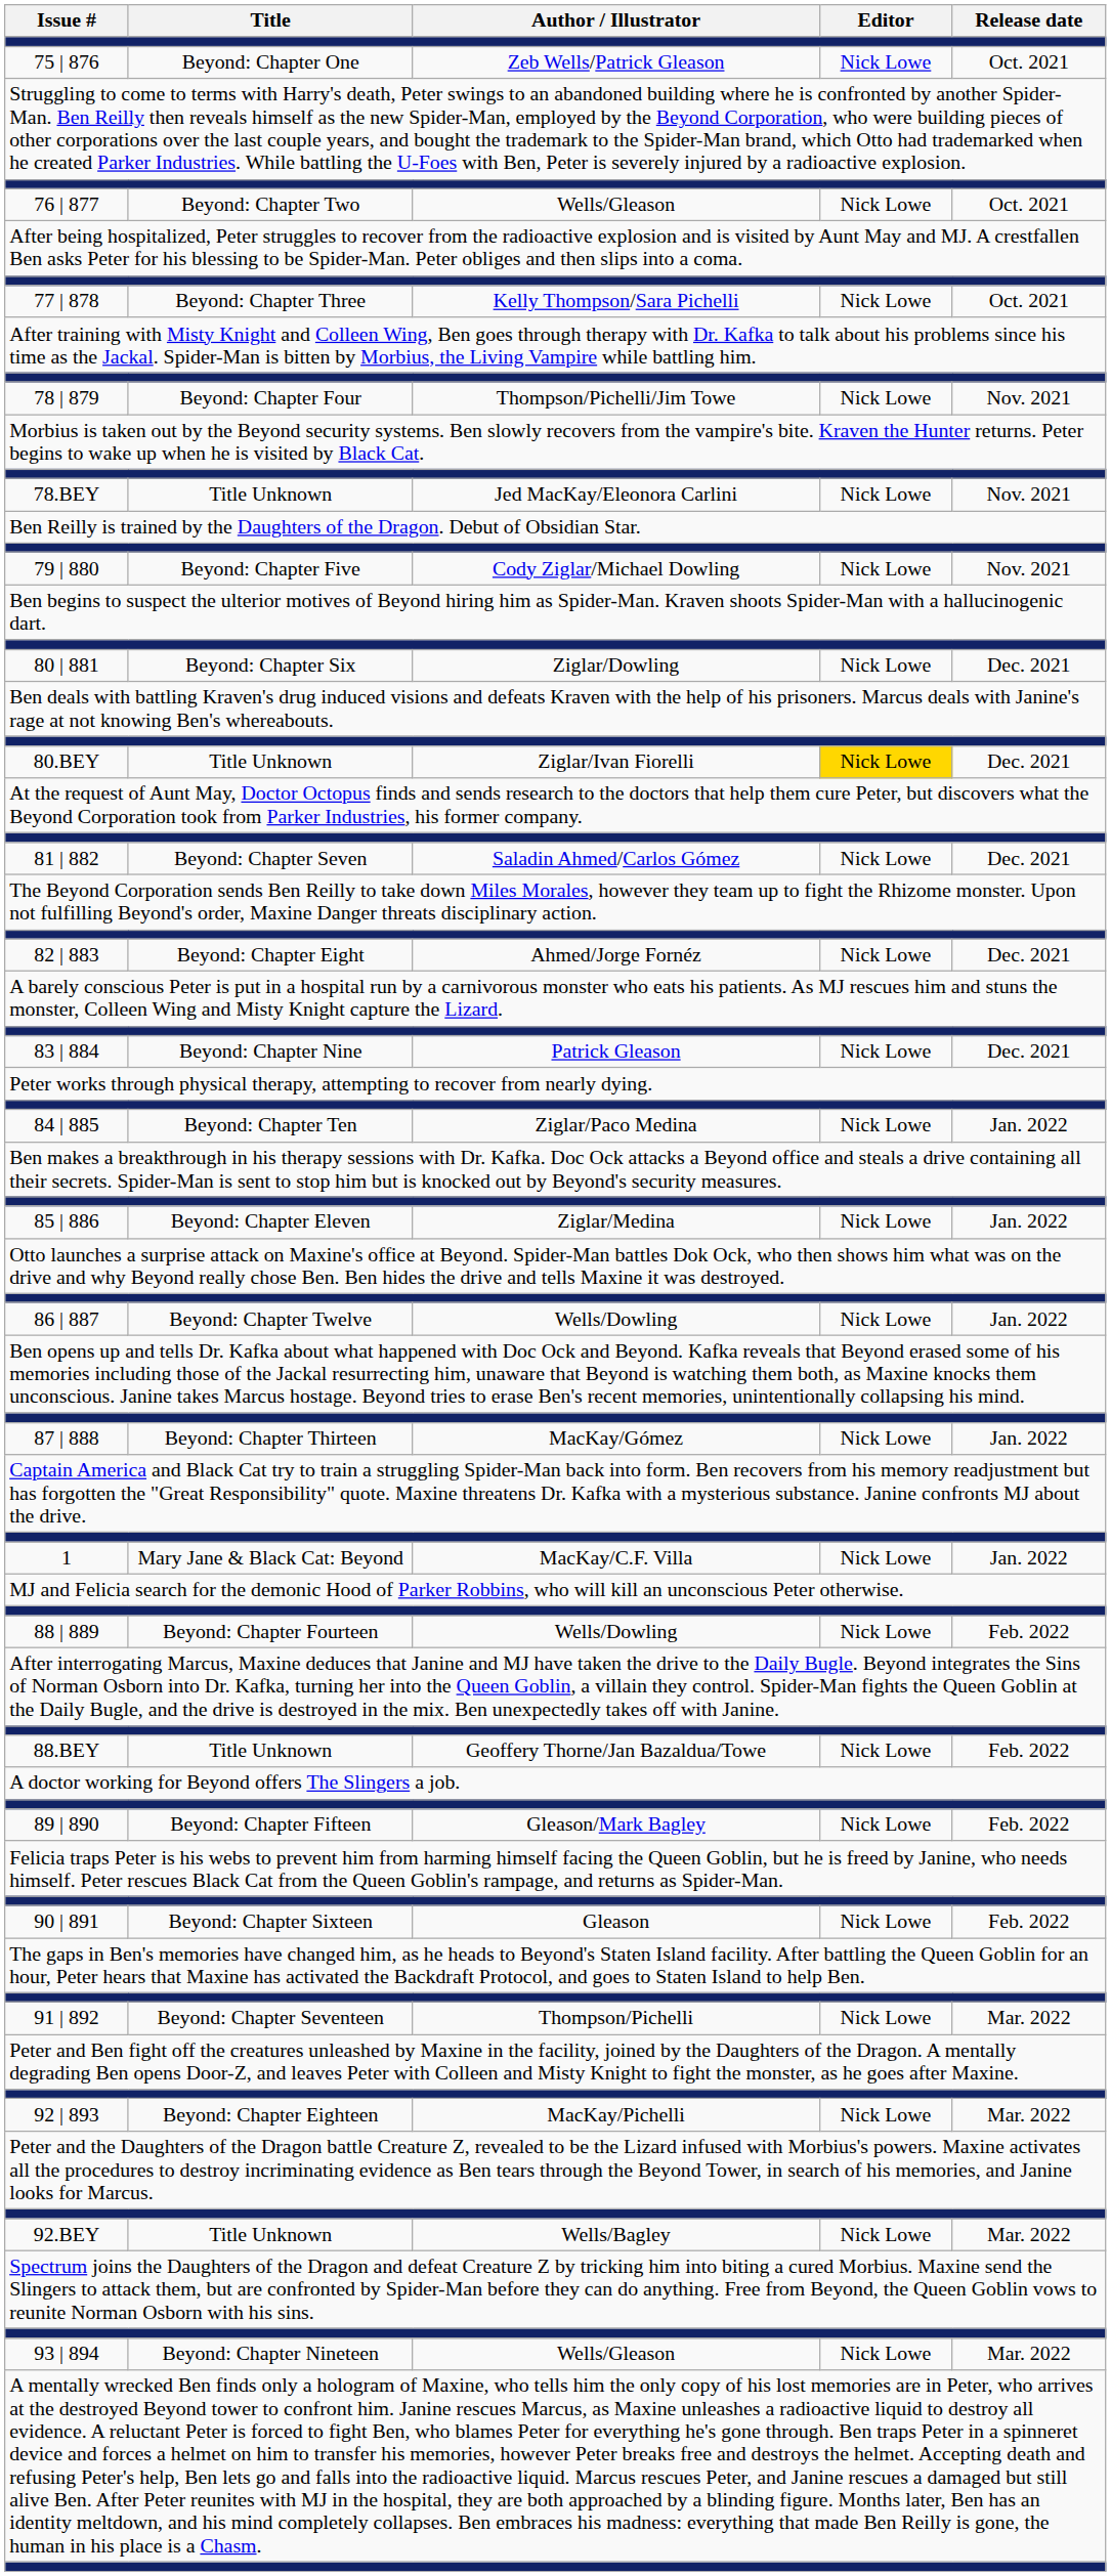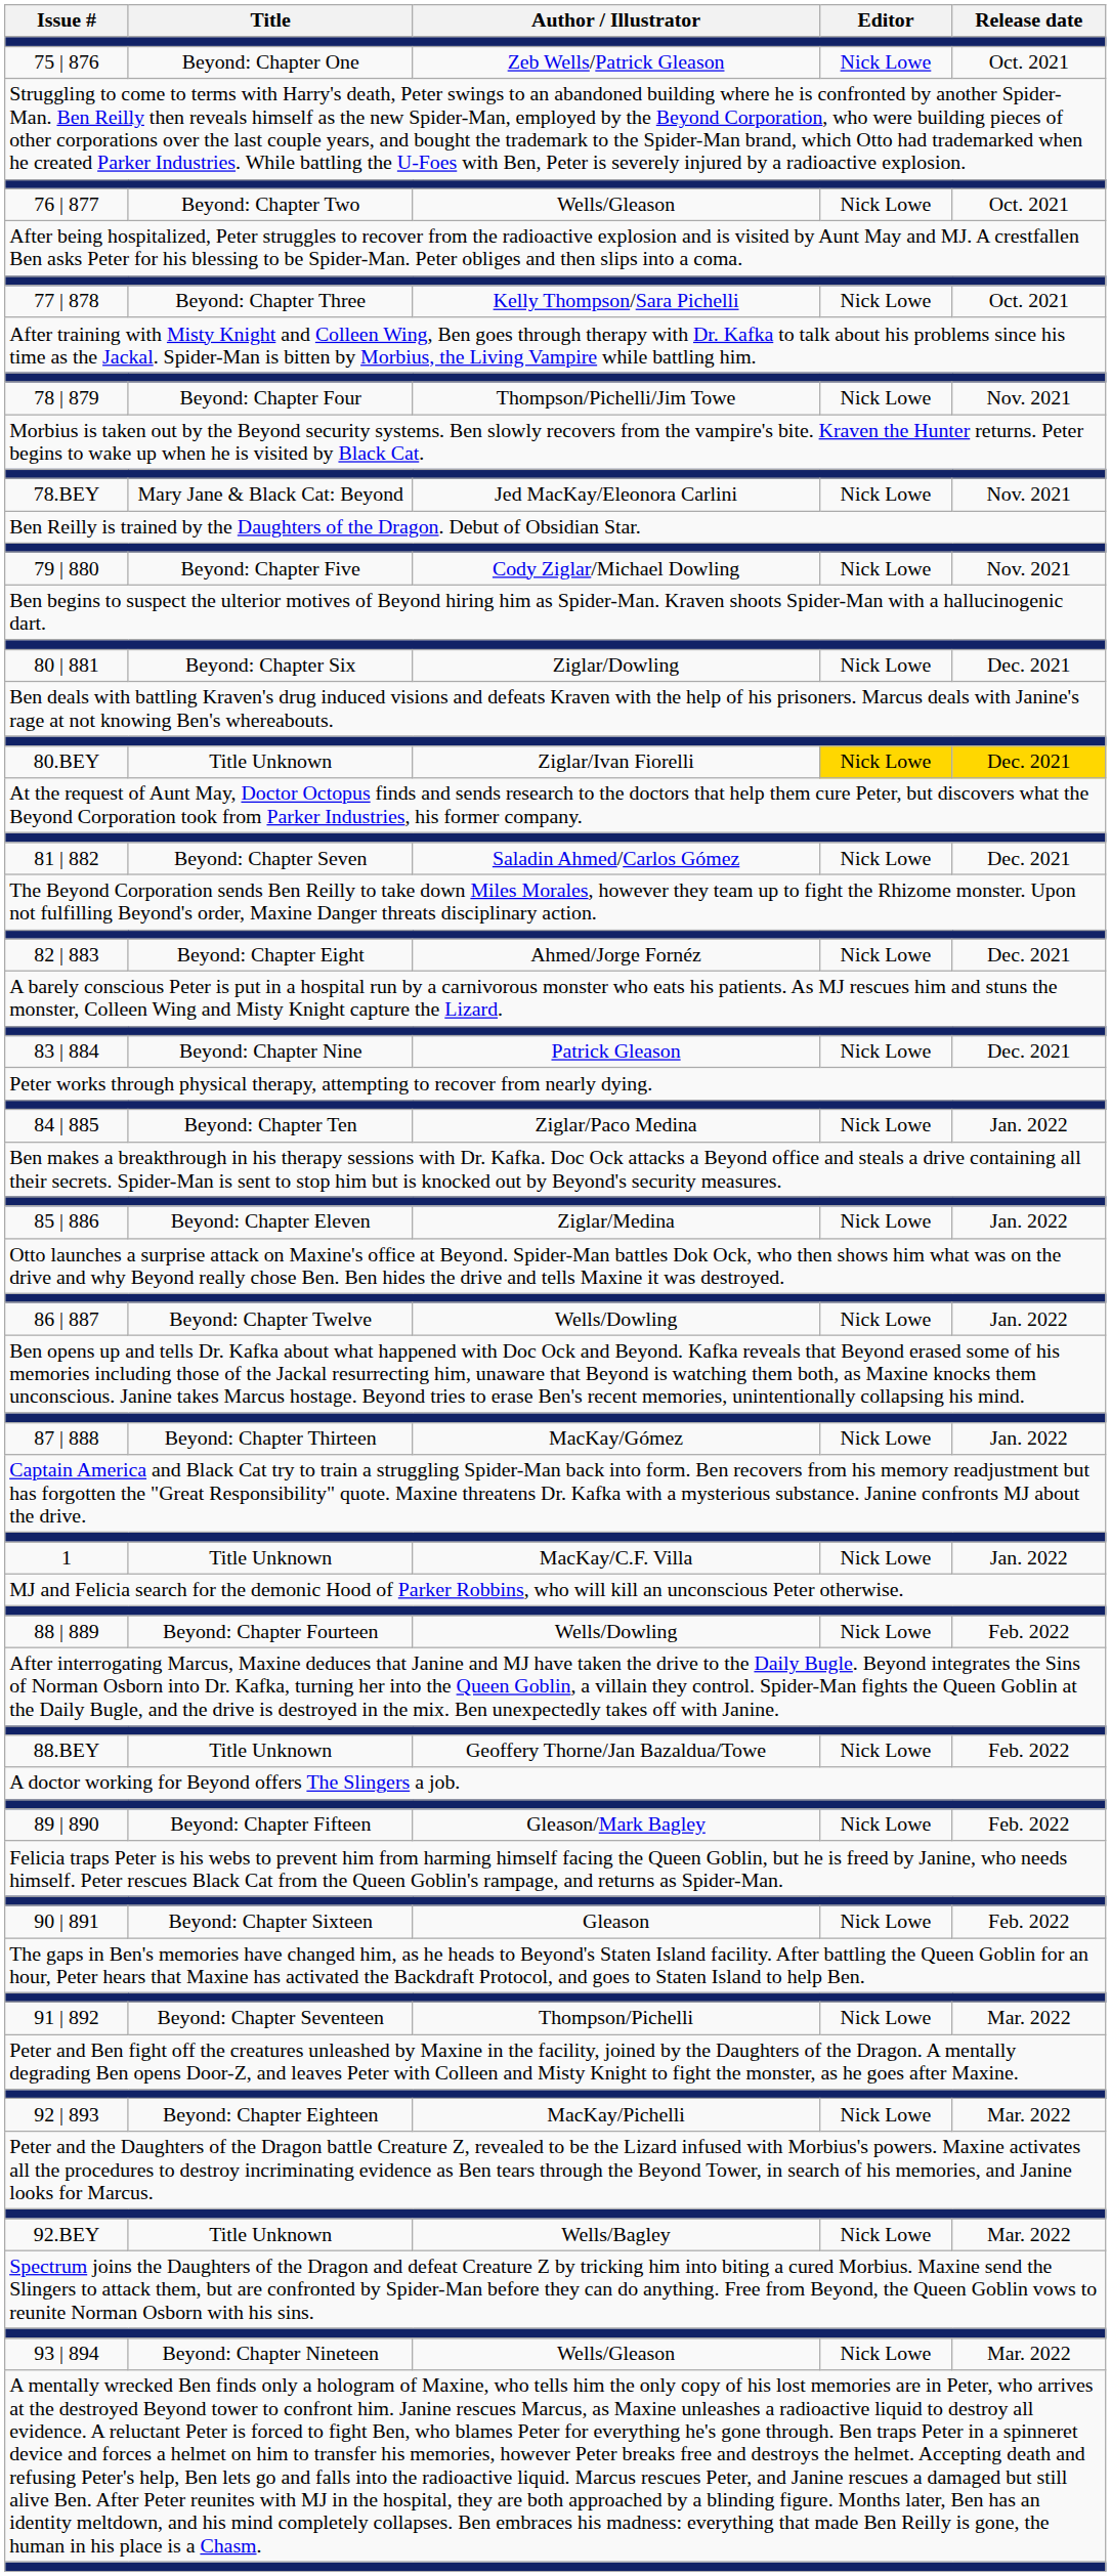 <table class="wikitable">
 <tr>
 <th>Issue #</th>
 <th>Title</th>
 <th>Author / Illustrator</th>
 <th>Editor</th>
 <th>Release date</th>
 </tr>
 <tr>
 <td colspan="6" bgcolor="#112266"></td>
 </tr>
 <tr>
 <td align="center">75  |  876</td>
 <td align="center">Beyond: Chapter One</td>
 <td align="center"><a href='#'>Zeb Wells</a>/<a href='#'>Patrick Gleason</a></td>
 <td align="center"><a href='#'>Nick Lowe</a></td>
 <td align="center">Oct. 2021</td>
 </tr>
 <tr>
 <td colspan="6">Struggling to come to terms with Harry's death, Peter swings to an abandoned building where he is confronted by another Spider-Man. <a href='#'>Ben Reilly</a> then reveals himself as the new Spider-Man, employed by the <a href='#'>Beyond Corporation</a>, who were building pieces of other corporations over the last couple years, and bought the trademark to the Spider-Man brand, which Otto had trademarked when he created <a href='#'>Parker Industries</a>. While battling the <a href='#'>U-Foes</a> with Ben, Peter is severely injured by a radioactive explosion.</td>
 </tr>
 <tr>
 <td colspan="6" bgcolor="#112266"></td>
 </tr>
 <tr>
 <td align="center">76  |  877</td>
 <td align="center">Beyond: Chapter Two</td>
 <td align="center">Wells/Gleason</td>
 <td align="center">Nick Lowe</td>
 <td align="center">Oct. 2021</td>
 </tr>
 <tr>
 <td colspan="6">After being hospitalized, Peter struggles to recover from the radioactive explosion and is visited by Aunt May and MJ. A crestfallen Ben asks Peter for his blessing to be Spider-Man. Peter obliges and then slips into a coma.</td>
 </tr>
 <tr>
 <td colspan="6" bgcolor="#112266"></td>
 </tr>
 <tr>
 <td align="center">77  |  878</td>
 <td align="center">Beyond: Chapter Three</td>
 <td align="center"><a href='#'>Kelly Thompson</a>/<a href='#'>Sara Pichelli</a></td>
 <td align="center">Nick Lowe</td>
 <td align="center">Oct. 2021</td>
 </tr>
 <tr>
 <td colspan="6">After training with <a href='#'>Misty Knight</a> and <a href='#'>Colleen Wing</a>, Ben goes through therapy with <a href='#'>Dr. Kafka</a> to talk about his problems since his time as the <a href='#'>Jackal</a>. Spider-Man is bitten by <a href='#'>Morbius, the Living Vampire</a> while battling him.</td>
 </tr>
 <tr>
 <td colspan="6" bgcolor="#112266"></td>
 </tr>
 <tr>
 <td align="center">78  |  879</td>
 <td align="center">Beyond: Chapter Four</td>
 <td align="center">Thompson/Pichelli/Jim Towe</td>
 <td align="center">Nick Lowe</td>
 <td align="center">Nov. 2021</td>
 </tr>
 <tr>
 <td colspan="6">Morbius is taken out by the Beyond security systems. Ben slowly recovers from the vampire's bite. <a href='#'>Kraven the Hunter</a> returns. Peter begins to wake up when he is visited by <a href='#'>Black Cat</a>.</td>
 </tr>
 <tr>
 <td colspan="6" bgcolor="#112266"></td>
 </tr>
 <tr>
 <td align="center">78.BEY</td>
-<td align="center">Title Unknown</td>
+<td align="center">Mary Jane & Black Cat: Beyond</td>
 <td align="center">Jed MacKay/Eleonora Carlini</td>
 <td align="center">Nick Lowe</td>
 <td align="center">Nov. 2021</td>
 </tr>
 <tr>
 <td colspan="6">Ben Reilly is trained by the <a href='#'>Daughters of the Dragon</a>. Debut of Obsidian Star.</td>
 </tr>
 <tr>
 <td colspan="6" bgcolor="#112266"></td>
 </tr>
 <tr>
 <td align="center">79  |  880</td>
 <td align="center">Beyond: Chapter Five</td>
 <td align="center"><a href='#'>Cody Ziglar</a>/Michael Dowling</td>
 <td align="center">Nick Lowe</td>
 <td align="center">Nov. 2021</td>
 </tr>
 <tr>
 <td colspan="6">Ben begins to suspect the ulterior motives of Beyond hiring him as Spider-Man. Kraven shoots Spider-Man with a hallucinogenic dart.</td>
 </tr>
 <tr>
 <td colspan="6" bgcolor="#112266"></td>
 </tr>
 <tr>
 <td align="center">80  |  881</td>
 <td align="center">Beyond: Chapter Six</td>
 <td align="center">Ziglar/Dowling</td>
 <td align="center">Nick Lowe</td>
 <td align="center">Dec. 2021</td>
 </tr>
 <tr>
 <td colspan="6">Ben deals with battling Kraven's drug induced visions and defeats Kraven with the help of his prisoners. Marcus deals with Janine's rage at not knowing Ben's whereabouts.</td>
 </tr>
 <tr>
 <td colspan="6" bgcolor="#112266"></td>
 </tr>
 <tr>
 <td align="center">80.BEY</td>
 <td align="center">Title Unknown</td>
 <td align="center">Ziglar/Ivan Fiorelli</td>
 <td align="center" style="background: gold;">Nick Lowe</td>
-<td align="center">Dec. 2021</td>
+<td align="center" style="background: gold;">Dec. 2021</td>
 </tr>
 <tr>
 <td colspan="6">At the request of Aunt May, <a href='#'>Doctor Octopus</a> finds and sends research to the doctors that help them cure Peter, but discovers what the Beyond Corporation took from <a href='#'>Parker Industries</a>, his former company.</td>
 </tr>
 <tr>
 <td colspan="6" bgcolor="#112266"></td>
 </tr>
 <tr>
 <td align="center">81  |  882</td>
 <td align="center">Beyond: Chapter Seven</td>
 <td align="center"><a href='#'>Saladin Ahmed</a>/<a href='#'>Carlos Gómez</a></td>
 <td align="center">Nick Lowe</td>
 <td align="center">Dec. 2021</td>
 </tr>
 <tr>
 <td colspan="6">The Beyond Corporation sends Ben Reilly to take down <a href='#'>Miles Morales</a>, however they team up to fight the Rhizome monster. Upon not fulfilling Beyond's order, Maxine Danger threats disciplinary action.</td>
 </tr>
 <tr>
 <td colspan="6" bgcolor="#112266"></td>
 </tr>
 <tr>
 <td align="center">82  |  883</td>
 <td align="center">Beyond: Chapter Eight</td>
 <td align="center">Ahmed/Jorge Fornéz</td>
 <td align="center">Nick Lowe</td>
 <td align="center">Dec. 2021</td>
 </tr>
 <tr>
 <td colspan="6">A barely conscious Peter is put in a hospital run by a carnivorous monster who eats his patients. As MJ rescues him and stuns the monster, Colleen Wing and Misty Knight capture the <a href='#'>Lizard</a>.</td>
 </tr>
 <tr>
 <td colspan="6" bgcolor="#112266"></td>
 </tr>
 <tr>
 <td align="center">83  |  884</td>
 <td align="center">Beyond: Chapter Nine</td>
 <td align="center"><a href='#'>Patrick Gleason</a></td>
 <td align="center">Nick Lowe</td>
 <td align="center">Dec. 2021</td>
 </tr>
 <tr>
 <td colspan="6">Peter works through physical therapy, attempting to recover from nearly dying.</td>
 </tr>
 <tr>
 <td colspan="6" bgcolor="#112266"></td>
 </tr>
 <tr>
 <td align="center">84  |  885</td>
 <td align="center">Beyond: Chapter Ten</td>
 <td align="center">Ziglar/Paco Medina</td>
 <td align="center">Nick Lowe</td>
 <td align="center">Jan. 2022</td>
 </tr>
 <tr>
 <td colspan="6">Ben makes a breakthrough in his therapy sessions with Dr. Kafka. Doc Ock attacks a Beyond office and steals a drive containing all their secrets. Spider-Man is sent to stop him but is knocked out by Beyond's security measures.</td>
 </tr>
 <tr>
 <td colspan="6" bgcolor="#112266"></td>
 </tr>
 <tr>
 <td align="center">85  |  886</td>
 <td align="center">Beyond: Chapter Eleven</td>
 <td align="center">Ziglar/Medina</td>
 <td align="center">Nick Lowe</td>
 <td align="center">Jan. 2022</td>
 </tr>
 <tr>
 <td colspan="6">Otto launches a surprise attack on Maxine's office at Beyond. Spider-Man battles Dok Ock, who then shows him what was on the drive and why Beyond really chose Ben. Ben hides the drive and tells Maxine it was destroyed.</td>
 </tr>
 <tr>
 <td colspan="6" bgcolor="#112266"></td>
 </tr>
 <tr>
 <td align="center">86  |  887</td>
 <td align="center">Beyond: Chapter Twelve</td>
 <td align="center">Wells/Dowling</td>
 <td align="center">Nick Lowe</td>
 <td align="center">Jan. 2022</td>
 </tr>
 <tr>
 <td colspan="6">Ben opens up and tells Dr. Kafka about what happened with Doc Ock and Beyond. Kafka reveals that Beyond erased some of his memories including those of the Jackal resurrecting him, unaware that Beyond is watching them both, as Maxine knocks them unconscious. Janine takes Marcus hostage. Beyond tries to erase Ben's recent memories, unintentionally  collapsing his mind.</td>
 </tr>
 <tr>
 <td colspan="6" bgcolor="#112266"></td>
 </tr>
 <tr>
 <td align="center">87  |  888</td>
 <td align="center">Beyond: Chapter Thirteen</td>
 <td align="center">MacKay/Gómez</td>
 <td align="center">Nick Lowe</td>
 <td align="center">Jan. 2022</td>
 </tr>
 <tr>
 <td colspan="6"><a href='#'>Captain America</a> and Black Cat try to train a struggling Spider-Man back into form. Ben recovers from his memory readjustment but has forgotten the "Great Responsibility" quote. Maxine threatens Dr. Kafka with a mysterious substance. Janine confronts MJ about the drive.</td>
 </tr>
 <tr>
 <td colspan="6" bgcolor="#112266"></td>
 </tr>
 <tr>
 <td align="center">1</td>
-<td align="center">Mary Jane & Black Cat: Beyond</td>
+<td align="center">Title Unknown</td>
 <td align="center">MacKay/C.F. Villa</td>
 <td align="center">Nick Lowe</td>
 <td align="center">Jan. 2022</td>
 </tr>
 <tr>
 <td colspan="6">MJ and Felicia search for the demonic Hood of <a href='#'>Parker Robbins</a>, who will kill an unconscious Peter otherwise.</td>
 </tr>
 <tr>
 <td colspan="6" bgcolor="#112266"></td>
 </tr>
 <tr>
 <td align="center">88  |  889</td>
 <td align="center">Beyond: Chapter Fourteen</td>
 <td align="center">Wells/Dowling</td>
 <td align="center">Nick Lowe</td>
 <td align="center">Feb. 2022</td>
 </tr>
 <tr>
 <td colspan="6">After interrogating Marcus, Maxine deduces that Janine and MJ have taken the drive to the <a href='#'>Daily Bugle</a>. Beyond integrates the Sins of Norman Osborn into Dr. Kafka, turning her into the <a href='#'>Queen Goblin</a>, a villain they control. Spider-Man fights the Queen Goblin at the Daily Bugle, and the drive is destroyed in the mix. Ben unexpectedly takes off with Janine.</td>
 </tr>
 <tr>
 <td colspan="6" bgcolor="#112266"></td>
 </tr>
 <tr>
 <td align="center">88.BEY</td>
 <td align="center">Title Unknown</td>
 <td align="center">Geoffery Thorne/Jan Bazaldua/Towe</td>
 <td align="center">Nick Lowe</td>
 <td align="center">Feb. 2022</td>
 </tr>
 <tr>
 <td colspan="6">A doctor working for Beyond offers <a href='#'>The Slingers</a> a job.</td>
 </tr>
 <tr>
 <td colspan="6" bgcolor="#112266"></td>
 </tr>
 <tr>
 <td align="center">89  |  890</td>
 <td align="center">Beyond: Chapter Fifteen</td>
 <td align="center">Gleason/<a href='#'>Mark Bagley</a></td>
 <td align="center">Nick Lowe</td>
 <td align="center">Feb. 2022</td>
 </tr>
 <tr>
 <td colspan="6">Felicia traps Peter is his webs to prevent him from harming himself facing the Queen Goblin, but he is freed by Janine, who needs himself. Peter rescues Black Cat from the Queen Goblin's rampage, and returns as Spider-Man.</td>
 </tr>
 <tr>
 <td colspan="6" bgcolor="#112266"></td>
 </tr>
 <tr>
 <td align="center">90  |  891</td>
 <td align="center">Beyond: Chapter Sixteen</td>
 <td align="center">Gleason</td>
 <td align="center">Nick Lowe</td>
 <td align="center">Feb. 2022</td>
 </tr>
 <tr>
 <td colspan="6">The gaps in Ben's memories have changed him, as he heads to Beyond's Staten Island facility. After battling the Queen Goblin for an hour, Peter hears that Maxine has activated the Backdraft Protocol, and goes to Staten Island to help Ben.</td>
 </tr>
 <tr>
 <td colspan="6" bgcolor="#112266"></td>
 </tr>
 <tr>
 <td align="center">91  |  892</td>
 <td align="center">Beyond: Chapter Seventeen</td>
 <td align="center">Thompson/Pichelli</td>
 <td align="center">Nick Lowe</td>
 <td align="center">Mar. 2022</td>
 </tr>
 <tr>
 <td colspan="6">Peter and Ben fight off the creatures unleashed by Maxine in the facility, joined by the Daughters of the Dragon. A mentally degrading Ben opens Door-Z, and leaves Peter with Colleen and Misty Knight to fight the monster, as he goes after Maxine.</td>
 </tr>
 <tr>
 <td colspan="6" bgcolor="#112266"></td>
 </tr>
 <tr>
 <td align="center">92  |  893</td>
 <td align="center">Beyond: Chapter Eighteen</td>
 <td align="center">MacKay/Pichelli</td>
 <td align="center">Nick Lowe</td>
 <td align="center">Mar. 2022</td>
 </tr>
 <tr>
 <td colspan="6">Peter and the Daughters of the Dragon battle Creature Z, revealed to be the Lizard infused with Morbius's powers. Maxine activates all the procedures to destroy incriminating evidence as Ben tears through the Beyond Tower, in search of his memories, and Janine looks for Marcus.</td>
 </tr>
 <tr>
 <td colspan="6" bgcolor="#112266"></td>
 </tr>
 <tr>
 <td align="center">92.BEY</td>
 <td align="center">Title Unknown</td>
 <td align="center">Wells/Bagley</td>
 <td align="center">Nick Lowe</td>
 <td align="center">Mar. 2022</td>
 </tr>
 <tr>
 <td colspan="6"><a href='#'>Spectrum</a> joins the Daughters of the Dragon and defeat Creature Z by tricking him into biting a cured Morbius. Maxine send the Slingers to attack them, but are confronted by Spider-Man before they can do anything. Free from Beyond, the Queen Goblin vows to reunite Norman Osborn with his sins.</td>
 </tr>
 <tr>
 <td colspan="6" bgcolor="#112266"></td>
 </tr>
 <tr>
 </tr>
 <tr>
 <td align="center">93  |  894</td>
 <td align="center">Beyond: Chapter Nineteen</td>
 <td align="center">Wells/Gleason</td>
 <td align="center">Nick Lowe</td>
 <td align="center">Mar. 2022</td>
 </tr>
 <tr>
 <td colspan="6">A mentally wrecked Ben finds only a hologram of Maxine, who tells him the only copy of his lost memories are in Peter, who arrives at the destroyed Beyond tower to confront him. Janine rescues Marcus, as Maxine unleashes a radioactive liquid to destroy all evidence. A reluctant Peter is forced to fight Ben, who blames Peter for everything he's gone through. Ben traps Peter in a spinneret device and forces a helmet on him to transfer his memories, however Peter breaks free and destroys the helmet. Accepting death and refusing Peter's help, Ben lets go and falls into the radioactive liquid. Marcus rescues Peter, and Janine rescues a damaged but still alive Ben. After Peter reunites with MJ in the hospital, they are both approached by a blinding figure. Months later, Ben has an identity meltdown, and his mind completely collapses. Ben embraces his madness: everything that made Ben Reilly is gone, the human in his place is a <a href='#'>Chasm</a>.</td>
 </tr>
 <tr>
 <td colspan="6" bgcolor="#112266"></td>
 </tr>
 <tr>
 </tr>
 </table>
